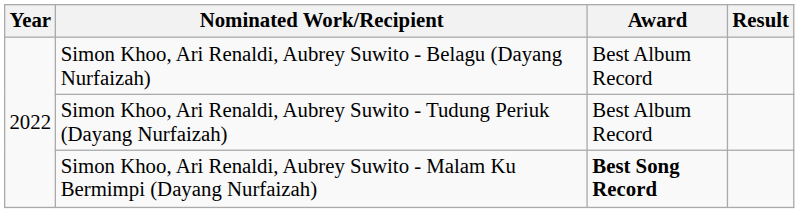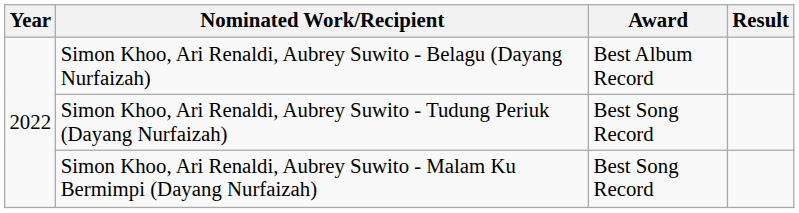 <table class="wikitable">
 <tr>
 <th>Year</th>
 <th>Nominated Work/Recipient</th>
 <th>Award</th>
 <th>Result</th>
 </tr>
 <tr>
 <td rowspan="3">2022</td>
 <td>Simon Khoo, Ari Renaldi, Aubrey Suwito - Belagu (Dayang Nurfaizah)</td>
 <td>Best Album Record</td>
 <td></td>
 </tr>
 <tr>
 <td>Simon Khoo, Ari Renaldi, Aubrey Suwito - Tudung Periuk (Dayang Nurfaizah)</td>
-<td>Best Album Record</td>
+<td>Best Song Record</td>
 <td></td>
 </tr>
 <tr>
 <td>Simon Khoo, Ari Renaldi, Aubrey Suwito - Malam Ku Bermimpi (Dayang Nurfaizah)</td>
-<td><strong>Best Song Record</strong></td>
+<td>Best Song Record</td>
 <td></td>
 </tr>
 </table>
